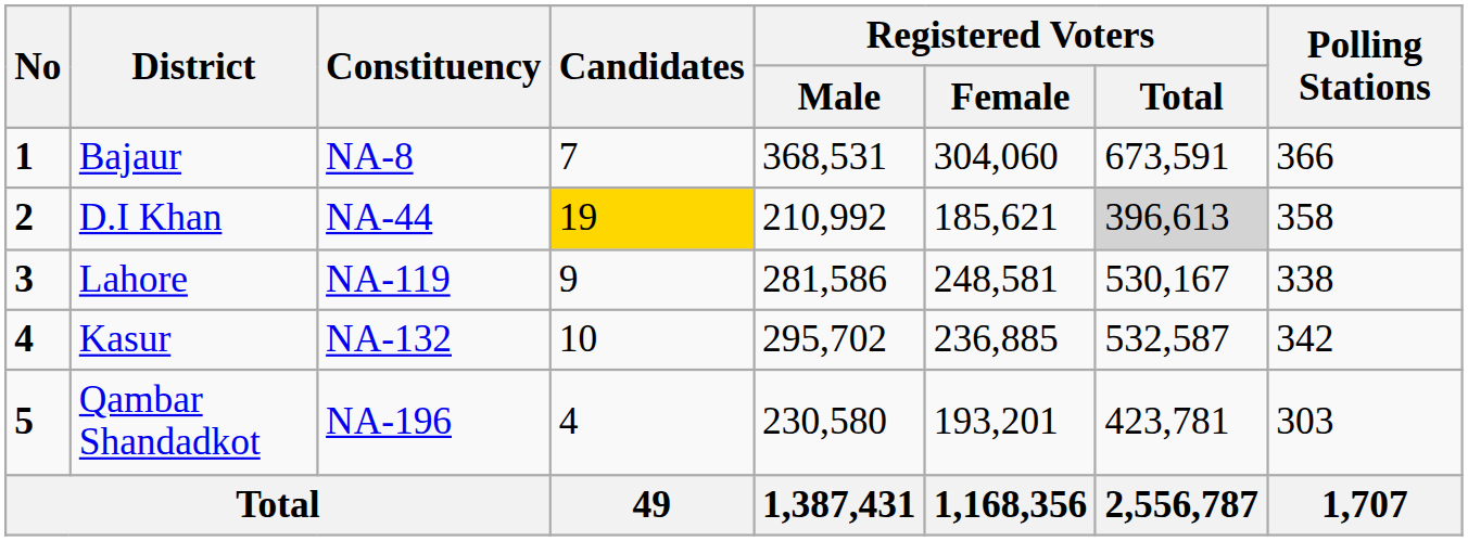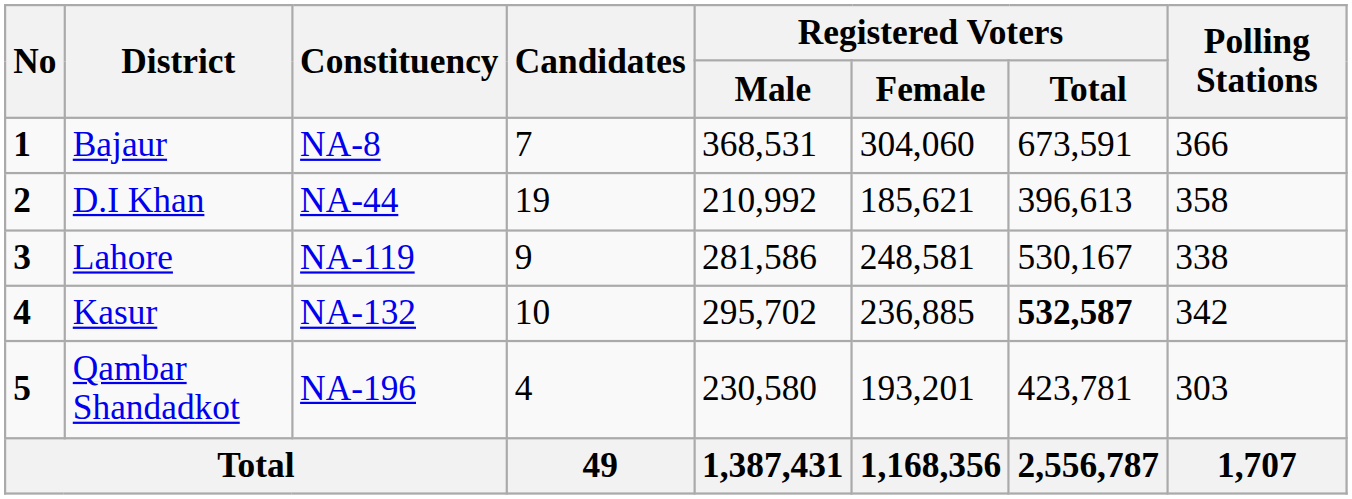 <table class="wikitable">
 <tr>
 <th rowspan="2">No</th>
 <th rowspan="2">District</th>
 <th rowspan="2">Constituency</th>
 <th rowspan="2">Candidates</th>
 <th colspan="3">Registered Voters</th>
 <th rowspan="2">Polling Stations</th>
 </tr>
 <tr>
 <th>Male</th>
 <th>Female</th>
 <th>Total</th>
 </tr>
 <tr>
 <td><strong>1</strong></td>
 <td><a href='#'>Bajaur</a></td>
 <td><a href='#'>NA-8</a></td>
 <td>7</td>
 <td>368,531</td>
 <td>304,060</td>
 <td>673,591</td>
 <td>366</td>
 </tr>
 <tr>
 <td><strong>2</strong></td>
 <td><a href='#'>D.I Khan</a></td>
 <td><a href='#'>NA-44</a></td>
-<td style="background: gold;">19</td>
+<td>19</td>
 <td>210,992</td>
 <td>185,621</td>
-<td style="background: lightgrey;">396,613</td>
+<td>396,613</td>
 <td>358</td>
 </tr>
 <tr>
 <td><strong>3</strong></td>
 <td><a href='#'>Lahore</a></td>
 <td><a href='#'>NA-119</a></td>
 <td>9</td>
 <td>281,586</td>
 <td>248,581</td>
 <td>530,167</td>
 <td>338</td>
 </tr>
 <tr>
 <td><strong>4</strong></td>
 <td><a href='#'>Kasur</a></td>
 <td><a href='#'>NA-132</a></td>
 <td>10</td>
 <td>295,702</td>
 <td>236,885</td>
-<td>532,587</td>
+<td><strong>532,587</strong></td>
 <td>342</td>
 </tr>
 <tr>
 <td><strong>5</strong></td>
 <td><a href='#'>Qambar Shandadkot</a></td>
 <td><a href='#'>NA-196</a></td>
 <td>4</td>
 <td>230,580</td>
 <td>193,201</td>
 <td>423,781</td>
 <td>303</td>
 </tr>
 <tr>
 <th colspan="3">Total</th>
 <th>49</th>
 <th>1,387,431</th>
 <th>1,168,356</th>
 <th>2,556,787</th>
 <th>1,707</th>
 </tr>
 </table>
